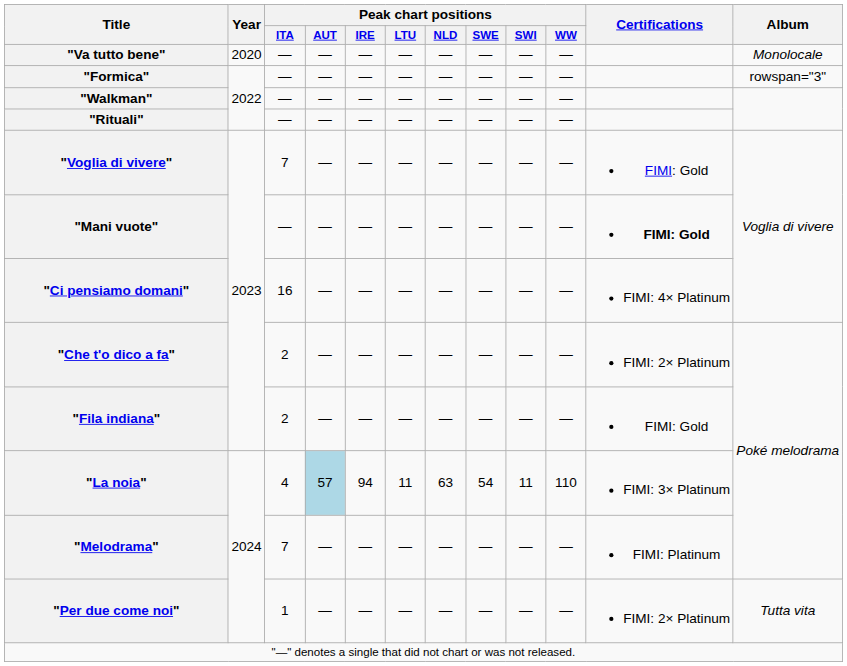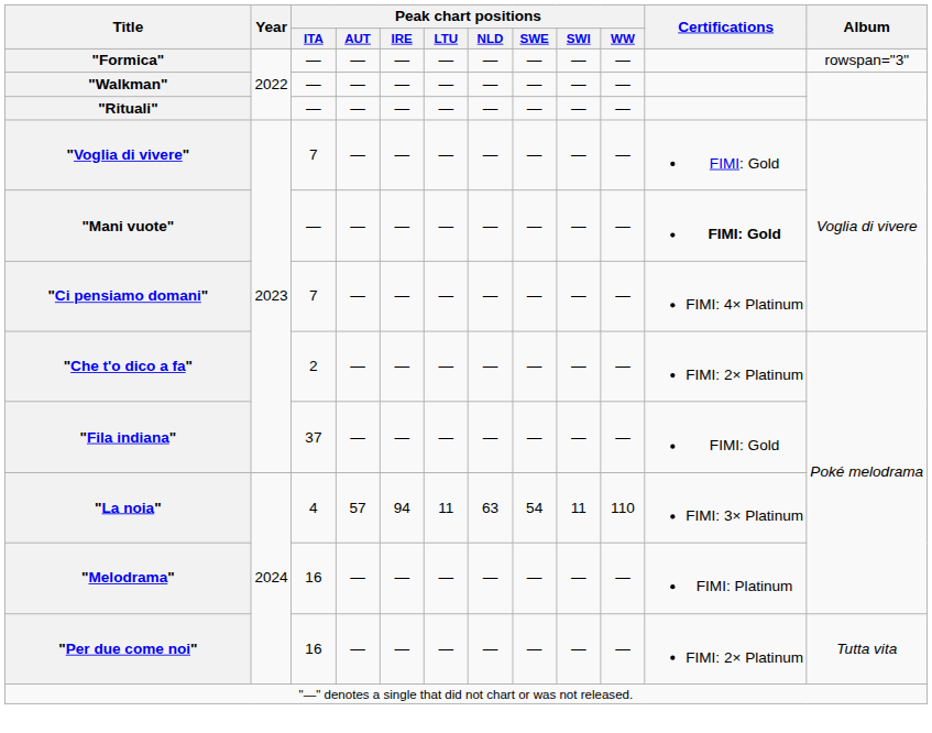 <table class="wikitable plainrowheaders" style="text-align:center;">
 <tr>
 <th scope="col" rowspan="2" style="width:16em;">Title</th>
 <th scope="col" rowspan="2" style="width:1em;">Year</th>
 <th scope="col" colspan="8">Peak chart positions</th>
 <th scope="col" rowspan="2"><a href='#'>Certifications</a></th>
 <th scope="col" rowspan="2">Album</th>
 </tr>
 <tr>
 <th scope="col" style="width:3em;font-size:85%;"><a href='#'>ITA</a><br></th>
 <th scope="col" style="width:3em;font-size:85%;"><a href='#'>AUT</a><br></th>
 <th scope="col" style="width:3em;font-size:85%;"><a href='#'>IRE</a><br></th>
 <th scope="col" style="width:3em;font-size:85%;"><a href='#'>LTU</a><br></th>
 <th scope="col" style="width:3em;font-size:85%;"><a href='#'>NLD</a><br></th>
 <th scope="col" style="width:3em;font-size:85%;"><a href='#'>SWE</a><br></th>
 <th scope="col" style="width:3em;font-size:85%;"><a href='#'>SWI</a><br></th>
 <th scope="col" style="width:3em;font-size:85%;"><a href='#'>WW</a><br></th>
-</tr>
-<tr>
-<th scope="row">"Va tutto bene"</th>
-<td>2020</td>
-<td>—</td>
-<td>—</td>
-<td>—</td>
-<td>—</td>
-<td>—</td>
-<td>—</td>
-<td>—</td>
-<td>—</td>
-<td></td>
-<td><em>Monolocale</em></td>
 </tr>
 <tr>
 <th scope="row">"Formica"</th>
 <td rowspan="3">2022</td>
 <td>—</td>
 <td>—</td>
 <td>—</td>
 <td>—</td>
 <td>—</td>
 <td>—</td>
 <td>—</td>
 <td>—</td>
 <td></td>
 <td>rowspan="3" </td>
 </tr>
 <tr>
 <th scope="row">"Walkman"</th>
 <td>—</td>
 <td>—</td>
 <td>—</td>
 <td>—</td>
 <td>—</td>
 <td>—</td>
 <td>—</td>
 <td>—</td>
 <td></td>
 </tr>
 <tr>
 <th scope="row">"Rituali"</th>
 <td>—</td>
 <td>—</td>
 <td>—</td>
 <td>—</td>
 <td>—</td>
 <td>—</td>
 <td>—</td>
 <td>—</td>
 <td></td>
 </tr>
 <tr>
 <th scope="row">"<a href='#'>Voglia di vivere</a>"</th>
 <td rowspan="5">2023</td>
 <td>7</td>
 <td>—</td>
 <td>—</td>
 <td>—</td>
 <td>—</td>
 <td>—</td>
 <td>—</td>
 <td>—</td>
 <td><br><ul><li><a href='#'>FIMI</a>: Gold</li></ul></td>
 <td rowspan="3"><em>Voglia di vivere</em></td>
 </tr>
 <tr>
 <th scope="row">"Mani vuote"</th>
 <td>—</td>
 <td>—</td>
 <td>—</td>
 <td>—</td>
 <td>—</td>
 <td>—</td>
 <td>—</td>
 <td>—</td>
 <td><strong><br><ul><li>FIMI: Gold</li></ul></strong></td>
 </tr>
 <tr>
 <th scope="row">"<a href='#'>Ci pensiamo domani</a>"</th>
-<td>16</td>
+<td>7</td>
 <td>—</td>
 <td>—</td>
 <td>—</td>
 <td>—</td>
 <td>—</td>
 <td>—</td>
 <td>—</td>
 <td><br><ul><li>FIMI: 4× Platinum</li></ul></td>
 </tr>
 <tr>
 <th scope="row">"<a href='#'>Che t'o dico a fa</a>"</th>
 <td>2</td>
 <td>—</td>
 <td>—</td>
 <td>—</td>
 <td>—</td>
 <td>—</td>
 <td>—</td>
 <td>—</td>
 <td><br><ul><li>FIMI: 2× Platinum</li></ul></td>
 <td rowspan="4"><em>Poké melodrama</em></td>
 </tr>
 <tr>
 <th scope="row">"<a href='#'>Fila indiana</a>"</th>
-<td>2</td>
+<td>37</td>
 <td>—</td>
 <td>—</td>
 <td>—</td>
 <td>—</td>
 <td>—</td>
 <td>—</td>
 <td>—</td>
 <td><br><ul><li>FIMI: Gold</li></ul></td>
 </tr>
 <tr>
 <th scope="row">"<a href='#'>La noia</a>"</th>
 <td rowspan="3">2024</td>
 <td>4</td>
-<td style="background: lightblue;">57</td>
+<td>57</td>
 <td>94</td>
 <td>11</td>
 <td>63</td>
 <td>54</td>
 <td>11</td>
 <td>110</td>
 <td><br><ul><li>FIMI: 3× Platinum</li></ul></td>
 </tr>
 <tr>
 <th scope="row">"<a href='#'>Melodrama</a>"</th>
-<td>7</td>
+<td>16</td>
 <td>—</td>
 <td>—</td>
 <td>—</td>
 <td>—</td>
 <td>—</td>
 <td>—</td>
 <td>—</td>
 <td><br><ul><li>FIMI: Platinum</li></ul></td>
 </tr>
 <tr>
 <th scope="row">"<a href='#'>Per due come noi</a>"<br></th>
-<td>1</td>
+<td>16</td>
 <td>—</td>
 <td>—</td>
 <td>—</td>
 <td>—</td>
 <td>—</td>
 <td>—</td>
 <td>—</td>
 <td><br><ul><li>FIMI: 2× Platinum</li></ul></td>
 <td><em>Tutta vita</em></td>
 </tr>
 <tr>
 <td colspan="12" style="font-size:85%;">"—" denotes a single that did not chart or was not released.</td>
 </tr>
 </table>
